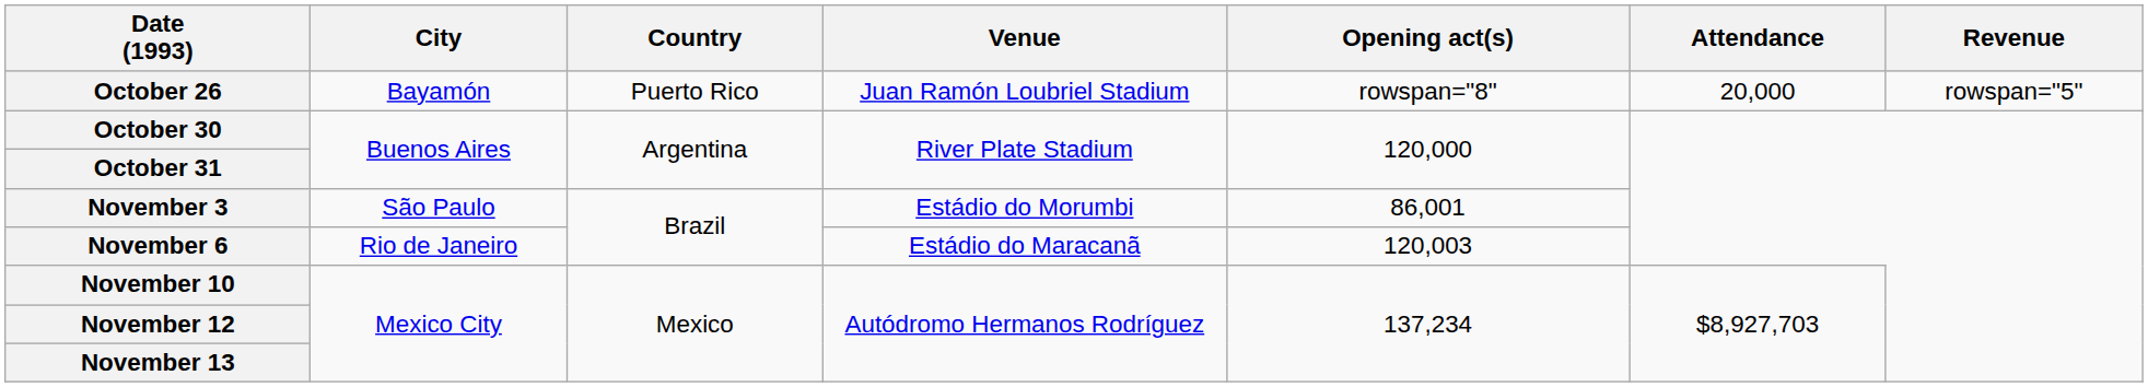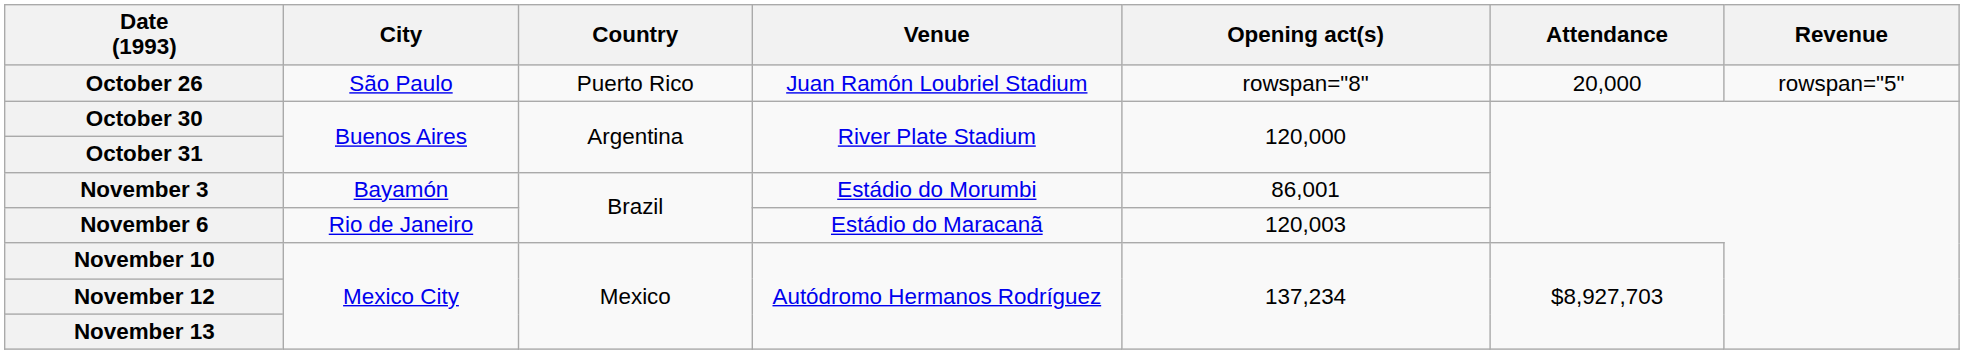 <table class="wikitable plainrowheaders" style="text-align:center;">
 <tr>
 <th scope="col" style="width:12em;">Date<br>(1993)</th>
 <th scope="col" style="width:10em;">City</th>
 <th scope="col" style="width:10em;">Country</th>
 <th scope="col" style="width:16em;">Venue</th>
 <th scope="col" style="width:16em;">Opening act(s)</th>
 <th scope="col" style="width:10em;">Attendance</th>
 <th scope="col" style="width:10em;">Revenue</th>
 </tr>
 <tr>
 <th scope="row" style="text-align:center;">October 26</th>
-<td><a href='#'>Bayamón</a></td>
+<td><a href='#'>São Paulo</a></td>
 <td>Puerto Rico</td>
 <td><a href='#'>Juan Ramón Loubriel Stadium</a></td>
 <td>rowspan="8" </td>
 <td>20,000</td>
 <td>rowspan="5" </td>
 </tr>
 <tr>
 <th scope="row" style="text-align:center;">October 30</th>
 <td rowspan="2"><a href='#'>Buenos Aires</a></td>
 <td rowspan="2">Argentina</td>
 <td rowspan="2"><a href='#'>River Plate Stadium</a></td>
 <td rowspan="2">120,000</td>
 </tr>
 <tr>
 <th scope="row" style="text-align:center;">October 31</th>
 </tr>
 <tr>
 <th scope="row" style="text-align:center;">November 3</th>
-<td><a href='#'>São Paulo</a></td>
+<td><a href='#'>Bayamón</a></td>
 <td rowspan="2">Brazil</td>
 <td><a href='#'>Estádio do Morumbi</a></td>
 <td>86,001</td>
 </tr>
 <tr>
 <th scope="row" style="text-align:center;">November 6</th>
 <td><a href='#'>Rio de Janeiro</a></td>
 <td><a href='#'>Estádio do Maracanã</a></td>
 <td>120,003</td>
 </tr>
 <tr>
 <th scope="row" style="text-align:center;">November 10</th>
 <td rowspan="3"><a href='#'>Mexico City</a></td>
 <td rowspan="3">Mexico</td>
 <td rowspan="3"><a href='#'>Autódromo Hermanos Rodríguez</a></td>
 <td rowspan="3">137,234</td>
 <td rowspan="3">$8,927,703</td>
 </tr>
 <tr>
 <th scope="row" style="text-align:center;">November 12</th>
 </tr>
 <tr>
 <th scope="row" style="text-align:center;">November 13</th>
 </tr>
 </table>
